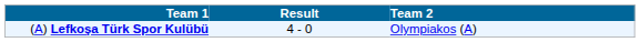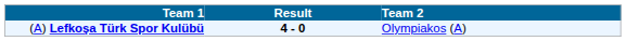 <table cellspacing="0" style="background: #EBF5FF; border: 1px #aaa solid; border-collapse: collapse; font-size: 95%;" width=60%>
 <tr bgcolor=#006699 style="color:white;">
 <th width=25% align="right">Team 1</th>
 <th width=22% align="center">Result</th>
 <th width=30% align="left">Team 2</th>
 </tr>
 <tr>
 <td align=right>(<a href='#'>A</a>) <strong><a href='#'>Lefkoşa Türk Spor Kulübü</a></strong></td>
-<td align=center>4 - 0</td>
+<td align=center><strong>4 - 0</strong></td>
 <td align=left><a href='#'>Olympiakos</a> (<a href='#'>A</a>)</td>
 </tr>
 <tr>
 </tr>
 </table>
